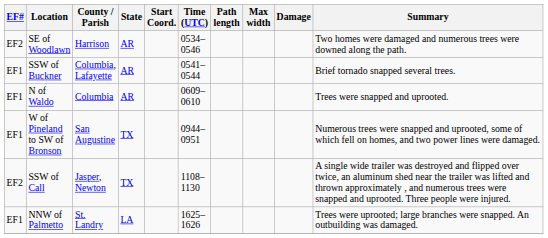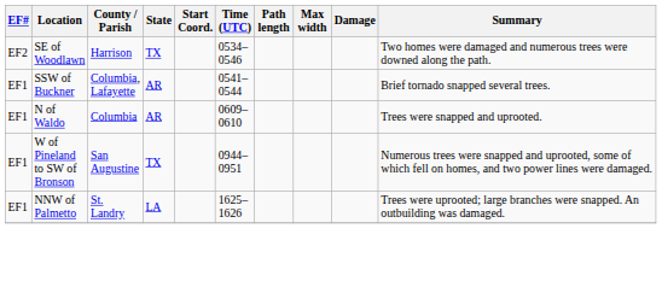 <table class="wikitable sortable" style="width:100%;">
 <tr>
 <th scope="col" width="3%" align="center"><a href='#'>EF#</a></th>
 <th scope="col" width="7%" align="center" class="unsortable">Location</th>
 <th scope="col" width="6%" align="center" class="unsortable">County / Parish</th>
 <th scope="col" width="5%" align="center">State</th>
 <th scope="col" width="6%" align="center">Start Coord.</th>
 <th scope="col" width="6%" align="center">Time (<a href='#'>UTC</a>)</th>
 <th scope="col" width="6%" align="center">Path length</th>
 <th scope="col" width="6%" align="center">Max width</th>
 <th scope="col" width="6%" align="center">Damage</th>
 <th scope="col" width="48%" class="unsortable" align="center">Summary</th>
 </tr>
 <tr>
 <td>EF2</td>
 <td>SE of <a href='#'>Woodlawn</a></td>
 <td><a href='#'>Harrison</a></td>
-<td><a href='#'>AR</a></td>
+<td><a href='#'>TX</a></td>
 <td></td>
 <td>0534–0546</td>
 <td></td>
 <td></td>
 <td></td>
 <td>Two homes were damaged and numerous trees were downed along the path.</td>
 </tr>
 <tr>
 <td>EF1</td>
 <td>SSW of <a href='#'>Buckner</a></td>
 <td><a href='#'>Columbia</a>, <a href='#'>Lafayette</a></td>
 <td><a href='#'>AR</a></td>
 <td></td>
 <td>0541–0544</td>
 <td></td>
 <td></td>
 <td></td>
 <td>Brief tornado snapped several trees.</td>
 </tr>
 <tr>
 <td>EF1</td>
 <td>N of <a href='#'>Waldo</a></td>
 <td><a href='#'>Columbia</a></td>
 <td><a href='#'>AR</a></td>
 <td></td>
 <td>0609–0610</td>
 <td></td>
 <td></td>
 <td></td>
 <td>Trees were snapped and uprooted.</td>
 </tr>
 <tr>
 <td>EF1</td>
 <td>W of <a href='#'>Pineland</a> to SW of <a href='#'>Bronson</a></td>
 <td><a href='#'>San Augustine</a></td>
 <td><a href='#'>TX</a></td>
 <td></td>
 <td>0944–0951</td>
 <td></td>
 <td></td>
 <td></td>
 <td>Numerous trees were snapped and uprooted, some of which fell on homes, and two power lines were damaged.</td>
 </tr>
 <tr>
-<td>EF2</td>
-<td>SSW of <a href='#'>Call</a></td>
-<td><a href='#'>Jasper</a>, <a href='#'>Newton</a></td>
-<td><a href='#'>TX</a></td>
-<td></td>
-<td>1108–1130</td>
-<td></td>
-<td></td>
-<td></td>
-<td>A single wide trailer was destroyed and flipped over twice, an aluminum shed near the trailer was lifted and thrown approximately , and numerous trees were snapped and uprooted. Three people were injured.</td>
-</tr>
-<tr>
 <td>EF1</td>
 <td>NNW of <a href='#'>Palmetto</a></td>
 <td><a href='#'>St. Landry</a></td>
 <td><a href='#'>LA</a></td>
 <td></td>
 <td>1625–1626</td>
 <td></td>
 <td></td>
 <td></td>
 <td>Trees were uprooted; large branches were snapped. An outbuilding was damaged.</td>
 </tr>
 <tr>
 </tr>
 </table>
